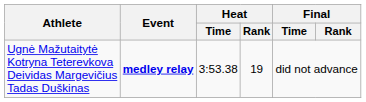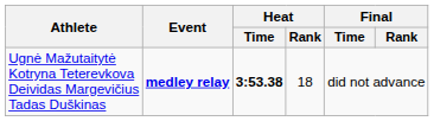 <table class="wikitable" style="text-align:center; font-size:90%">
 <tr>
 <th rowspan=2>Athlete</th>
 <th rowspan=2>Event</th>
 <th colspan=2>Heat</th>
 <th colspan=2>Final</th>
 </tr>
 <tr style="font-size:95%">
 <th>Time</th>
 <th>Rank</th>
 <th>Time</th>
 <th>Rank</th>
 </tr>
 <tr>
 <td align=left><a href='#'>Ugnė Mažutaitytė</a><br><a href='#'>Kotryna Teterevkova</a><br><a href='#'>Deividas Margevičius</a><br><a href='#'>Tadas Duškinas</a></td>
 <td align=left><strong><a href='#'> medley relay</a></strong></td>
-<td>3:53.38</td>
-<td>19</td>
+<td><strong>3:53.38</strong></td>
+<td>18</td>
 <td colspan=2>did not advance</td>
 </tr>
 </table>
